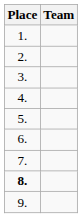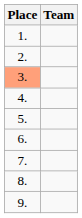 <table class="wikitable" style="text-align: center;">
 <tr>
 <th>Place</th>
 <th>Team</th>
 </tr>
 <tr>
 <td>1.</td>
 <td style="text-align:left;"><strong></strong></td>
 </tr>
 <tr>
 <td>2.</td>
 <td style="text-align:left;"><strong></strong> </td>
 </tr>
 <tr>
-<td>3.</td>
+<td style="background: lightsalmon;">3.</td>
 <td style="text-align:left;"><strong></strong> </td>
 </tr>
 <tr>
 <td>4.</td>
 <td style="text-align:left;"><strong></strong> </td>
 </tr>
 <tr>
 <td>5.</td>
 <td style="text-align:left;"><strong></strong></td>
 </tr>
 <tr>
 <td>6.</td>
 <td style="text-align:left;"><strong></strong></td>
 </tr>
 <tr>
 <td>7.</td>
 <td style="text-align:left;"><strong></strong></td>
 </tr>
 <tr>
-<td><strong>8.</strong></td>
+<td>8.</td>
 <td style="text-align:left;"><strong></strong></td>
 </tr>
 <tr>
 <td>9.</td>
 <td style="text-align:left;"><strong></strong></td>
 </tr>
 </table>
